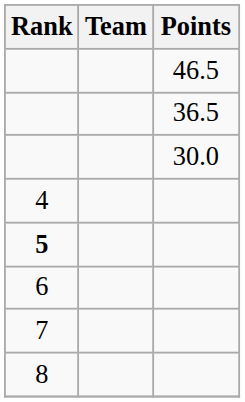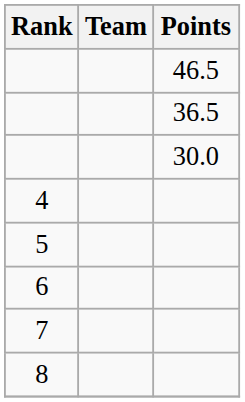 <table class="wikitable" style="text-align:center; font-size:90%;">
 <tr>
 <th>Rank</th>
 <th>Team</th>
 <th width=40px>Points</th>
 </tr>
 <tr>
 <td></td>
 <td align=left></td>
 <td>46.5</td>
 </tr>
 <tr>
 <td></td>
 <td align=left></td>
 <td>36.5</td>
 </tr>
 <tr>
 <td></td>
 <td align=left></td>
 <td>30.0</td>
 </tr>
 <tr>
 <td>4</td>
 <td align=left></td>
 <td></td>
 </tr>
 <tr>
-<td><strong>5</strong></td>
+<td>5</td>
 <td align=left></td>
 <td></td>
 </tr>
 <tr>
 <td>6</td>
 <td align=left></td>
 <td></td>
 </tr>
 <tr>
 <td>7</td>
 <td align=left></td>
 <td></td>
 </tr>
 <tr>
 <td>8</td>
 <td align=left><strong></strong></td>
 <td></td>
 </tr>
 <tr>
 </tr>
 </table>
